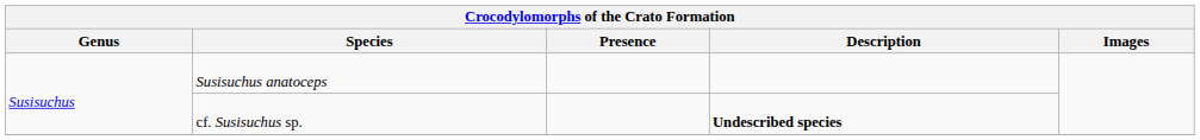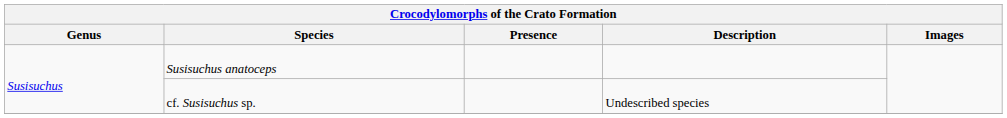 <table class="wikitable" align="center" width="100%">
 <tr>
 <th colspan="5" style="text-align:center"><strong><a href='#'>Crocodylomorphs</a> of the Crato Formation</strong></th>
 </tr>
 <tr>
 <th>Genus</th>
 <th>Species</th>
 <th>Presence</th>
 <th>Description</th>
 <th>Images</th>
 </tr>
 <tr>
 <td rowspan="2"><br><em><a href='#'>Susisuchus</a></em></td>
 <td><br><em>Susisuchus anatoceps</em></td>
 <td></td>
 <td></td>
 <td rowspan="2"></td>
 </tr>
 <tr>
 <td><br>cf. <em>Susisuchus</em> sp.</td>
 <td></td>
-<td><strong><br>Undescribed species</strong></td>
+<td><br>Undescribed species</td>
 </tr>
 <tr>
 </tr>
 </table>
